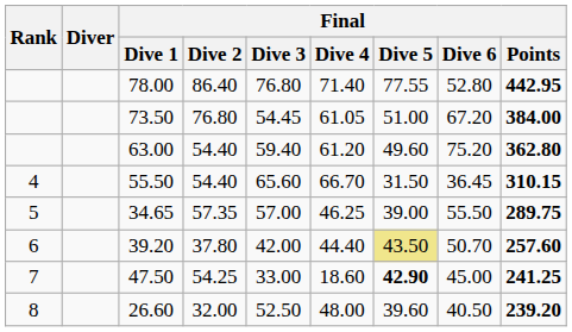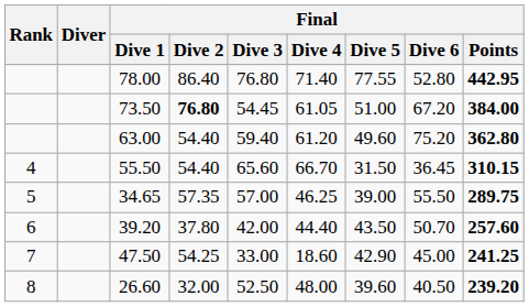 <table class="wikitable sortable"  style="text-align:center">
 <tr>
 <th rowspan="2" data-sort-type=number>Rank</th>
 <th rowspan="2">Diver</th>
 <th colspan="7">Final</th>
 </tr>
 <tr>
 <th>Dive 1</th>
 <th>Dive 2</th>
 <th>Dive 3</th>
 <th>Dive 4</th>
 <th>Dive 5</th>
 <th>Dive 6</th>
 <th>Points</th>
 </tr>
 <tr>
 <td></td>
 <td align="left"></td>
 <td>78.00</td>
 <td>86.40</td>
 <td>76.80</td>
 <td>71.40</td>
 <td>77.55</td>
 <td>52.80</td>
 <td><strong>442.95</strong></td>
 </tr>
 <tr>
 <td></td>
 <td align="left"></td>
 <td>73.50</td>
-<td>76.80</td>
+<td><strong>76.80</strong></td>
 <td>54.45</td>
 <td>61.05</td>
 <td>51.00</td>
 <td>67.20</td>
 <td><strong>384.00</strong></td>
 </tr>
 <tr>
 <td></td>
 <td align="left"></td>
 <td>63.00</td>
 <td>54.40</td>
 <td>59.40</td>
 <td>61.20</td>
 <td>49.60</td>
 <td>75.20</td>
 <td><strong>362.80</strong></td>
 </tr>
 <tr>
 <td>4</td>
 <td align="left"></td>
 <td>55.50</td>
 <td>54.40</td>
 <td>65.60</td>
 <td>66.70</td>
 <td>31.50</td>
 <td>36.45</td>
 <td><strong>310.15</strong></td>
 </tr>
 <tr>
 <td>5</td>
 <td align="left"></td>
 <td>34.65</td>
 <td>57.35</td>
 <td>57.00</td>
 <td>46.25</td>
 <td>39.00</td>
 <td>55.50</td>
 <td><strong>289.75</strong></td>
 </tr>
 <tr>
 <td>6</td>
 <td align="left"></td>
 <td>39.20</td>
 <td>37.80</td>
 <td>42.00</td>
 <td>44.40</td>
-<td style="background: khaki;">43.50</td>
+<td>43.50</td>
 <td>50.70</td>
 <td><strong>257.60</strong></td>
 </tr>
 <tr>
 <td>7</td>
 <td align="left"></td>
 <td>47.50</td>
 <td>54.25</td>
 <td>33.00</td>
 <td>18.60</td>
-<td><strong>42.90</strong></td>
+<td>42.90</td>
 <td>45.00</td>
 <td><strong>241.25</strong></td>
 </tr>
 <tr>
 <td>8</td>
 <td align="left"></td>
 <td>26.60</td>
 <td>32.00</td>
 <td>52.50</td>
 <td>48.00</td>
 <td>39.60</td>
 <td>40.50</td>
 <td><strong>239.20</strong></td>
 </tr>
 </table>
